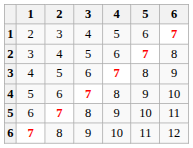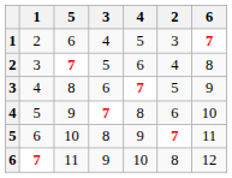 <table class="wikitable" style="text-align:center;">
 <tr>
 <th></th>
 <th style="width:4ex;">1 </th>
-<th style="width:4ex;">2 </th>
+<th style="width:4ex;">5 </th>
 <th style="width:4ex;">3 </th>
 <th style="width:4ex;">4 </th>
-<th style="width:4ex;">5 </th>
+<th style="width:4ex;">2 </th>
 <th style="width:4ex;">6 </th>
 </tr>
 <tr>
 <th>1 </th>
 <td>2</td>
-<td>3</td>
+<td>6</td>
 <td>4</td>
 <td>5</td>
-<td>6</td>
+<td>3</td>
 <td style="background:white; color:red;"><strong>7</strong></td>
 </tr>
 <tr>
 <th>2 </th>
 <td>3</td>
-<td>4</td>
+<td style="background:white; color:red;"><strong>7</strong></td>
 <td>5</td>
 <td>6</td>
-<td style="background:white; color:red;"><strong>7</strong></td>
+<td>4</td>
 <td>8</td>
 </tr>
 <tr>
 <th>3 </th>
 <td>4</td>
-<td>5</td>
+<td>8</td>
 <td>6</td>
 <td style="background:white; color:red;"><strong>7</strong></td>
-<td>8</td>
+<td>5</td>
 <td>9</td>
 </tr>
 <tr>
 <th>4 </th>
 <td>5</td>
-<td>6</td>
+<td>9</td>
 <td style="background:white; color:red;"><strong>7</strong></td>
 <td>8</td>
-<td>9</td>
+<td>6</td>
 <td>10</td>
 </tr>
 <tr>
 <th>5 </th>
 <td>6</td>
-<td style="background:white; color:red;"><strong>7</strong></td>
+<td>10</td>
 <td>8</td>
 <td>9</td>
-<td>10</td>
+<td style="background:white; color:red;"><strong>7</strong></td>
 <td>11</td>
 </tr>
 <tr>
 <th>6 </th>
 <td style="background:white; color:red;"><strong>7</strong></td>
-<td>8</td>
+<td>11</td>
 <td>9</td>
 <td>10</td>
-<td>11</td>
+<td>8</td>
 <td>12</td>
 </tr>
 </table>
